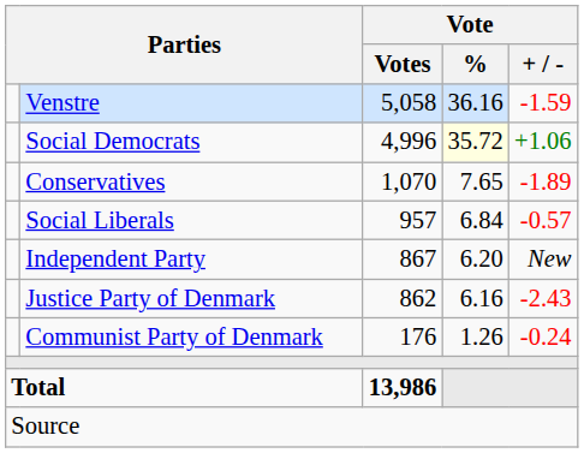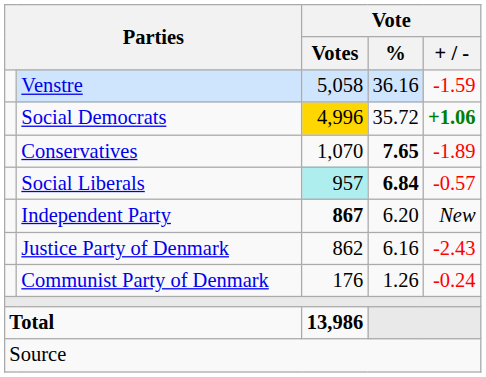 <table class="wikitable" style="text-align:right;">
 <tr>
 <th style="text-align:centre;" rowspan="2" colspan="2" width="225">Parties</th>
 <th colspan="3">Vote</th>
 </tr>
 <tr>
 <th width="15">Votes</th>
 <th width="15">%</th>
 <th width="15">+ / -</th>
 </tr>
 <tr>
 <td width="2" style="color:inherit;background:"></td>
 <td bgcolor=#cfe5fe  align="left"><a href='#'>Venstre</a></td>
 <td bgcolor=#cfe5fe>5,058</td>
 <td bgcolor=#cfe5fe>36.16</td>
 <td style=color:red;>-1.59</td>
 </tr>
 <tr>
 <td width="2" style="color:inherit;background:"></td>
 <td align="left"><a href='#'>Social Democrats</a></td>
-<td>4,996</td>
-<td style="background: lightyellow;">35.72</td>
-<td style=color:green;>+1.06</td>
+<td style="background: gold;">4,996</td>
+<td>35.72</td>
+<td style=color:green;><strong>+1.06</strong></td>
 </tr>
 <tr>
 <td width="2" style="color:inherit;background:"></td>
 <td align="left"><a href='#'>Conservatives</a></td>
 <td>1,070</td>
-<td>7.65</td>
+<td><strong>7.65</strong></td>
 <td style=color:red;>-1.89</td>
 </tr>
 <tr>
 <td width="2" style="color:inherit;background:"></td>
 <td align="left"><a href='#'>Social Liberals</a></td>
-<td>957</td>
-<td>6.84</td>
+<td style="background: paleturquoise;">957</td>
+<td><strong>6.84</strong></td>
 <td style=color:red;>-0.57</td>
 </tr>
 <tr>
 <td width="2" style="color:inherit;background:"></td>
 <td align="left"><a href='#'>Independent Party</a></td>
-<td>867</td>
+<td><strong>867</strong></td>
 <td>6.20</td>
 <td><em>New</em></td>
 </tr>
 <tr>
 <td width="2" style="color:inherit;background:"></td>
 <td align="left"><a href='#'>Justice Party of Denmark</a></td>
 <td>862</td>
 <td>6.16</td>
 <td style=color:red;>-2.43</td>
 </tr>
 <tr>
 <td width="2" style="color:inherit;background:"></td>
 <td align="left"><a href='#'>Communist Party of Denmark</a></td>
 <td>176</td>
 <td>1.26</td>
 <td style=color:red;>-0.24</td>
 </tr>
 <tr>
 <td colspan="7" bgcolor="#E9E9E9"></td>
 </tr>
 <tr>
 <td align="left" colspan="2"><strong>Total</strong></td>
 <td><strong>13,986</strong></td>
 <td bgcolor="#E9E9E9" colspan="2"></td>
 </tr>
 <tr>
 <td align="left" colspan="6">Source</td>
 </tr>
 </table>
